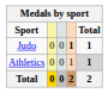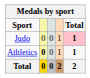 <table class="wikitable" style="font-size:85%; float:right;">
 <tr style="background:#efefef;">
 <th colspan=7><strong>Medals by sport</strong></th>
 </tr>
 <tr align=center>
 <td><strong>Sport</strong></td>
 <td bgcolor=#f7f6a8></td>
 <td bgcolor=#dce5e5></td>
 <td bgcolor=#ffdab9></td>
 <td><strong>Total</strong></td>
 </tr>
 <tr align=center>
 <td><a href='#'>Judo</a></td>
 <td style="background:#F7F6A8;">0</td>
 <td style="background:#DCE5E5;">0</td>
-<td style="background:#FFDAB9;"><strong>1</strong></td>
-<td><strong>1</strong></td>
+<td style="background:#FFDAB9;">1</td>
+<td style="background: pink;"><strong>1</strong></td>
 </tr>
 <tr align=center>
 <td><a href='#'>Athletics</a></td>
-<td style="background:#F7F6A8;">0</td>
+<td style="background:#F7F6A8;"><strong>0</strong></td>
 <td style="background:#DCE5E5;">0</td>
 <td style="background:#FFDAB9;">1</td>
-<td style="background: lightgrey;"><strong>1</strong></td>
+<td><strong>1</strong></td>
 </tr>
 <tr align=center>
 <th><strong>Total</strong></th>
 <th style="background:gold;"><strong>0</strong></th>
 <th style="background:silver;"><strong>0</strong></th>
 <th style="background:#c96;"><strong>2</strong></th>
 <th><strong>2</strong></th>
 </tr>
 </table>
